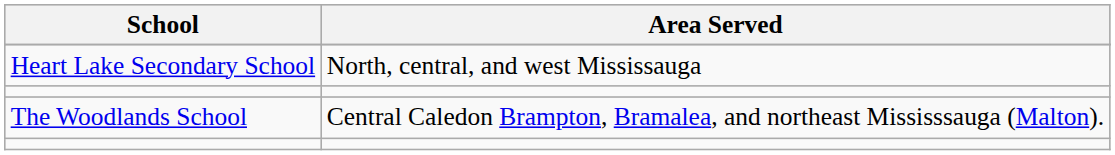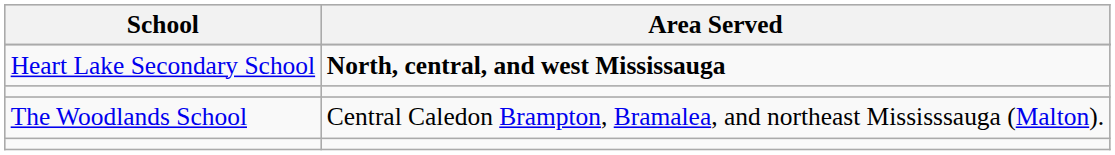 <table class="wikitable">
 <tr>
 <th>School</th>
 <th>Area Served</th>
 </tr>
 <tr>
 </tr>
 <tr>
 <td><a href='#'>Heart Lake Secondary School</a></td>
-<td>North, central, and west Mississauga</td>
+<td><strong>North, central, and west Mississauga</strong></td>
 </tr>
 <tr>
 <td></td>
 </tr>
 <tr>
 <td><a href='#'>The Woodlands School</a></td>
 <td>Central Caledon <a href='#'>Brampton</a>, <a href='#'>Bramalea</a>, and northeast Mississsauga (<a href='#'>Malton</a>).</td>
 </tr>
 <tr>
 <td></td>
 </tr>
 </table>
